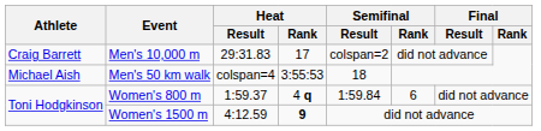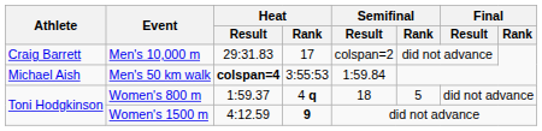 <table class="wikitable" style="font-size:90%">
 <tr>
 <th rowspan="2">Athlete</th>
 <th rowspan="2">Event</th>
 <th colspan="2">Heat</th>
 <th colspan="2">Semifinal</th>
 <th colspan="2">Final</th>
 </tr>
 <tr style="font-size:95%">
 <th>Result</th>
 <th>Rank</th>
 <th>Result</th>
 <th>Rank</th>
 <th>Result</th>
 <th>Rank</th>
 </tr>
 <tr style="text-align:center;">
 <td style="text-align:left;"><a href='#'>Craig Barrett</a></td>
 <td style="text-align:left;"><a href='#'>Men's 10,000 m</a></td>
 <td>29:31.83</td>
 <td>17</td>
 <td>colspan=2 </td>
 <td colspan=2>did not advance</td>
 </tr>
 <tr style="text-align:center;">
 <td style="text-align:left;"><a href='#'>Michael Aish</a></td>
 <td style="text-align:left;"><a href='#'>Men's 50 km walk</a></td>
-<td>colspan=4 </td>
+<td><strong>colspan=4 </strong></td>
 <td>3:55:53</td>
-<td>18</td>
+<td>1:59.84</td>
 </tr>
 <tr style="text-align:center;">
 <td style="text-align:left;" rowspan=2><a href='#'>Toni Hodgkinson</a></td>
 <td style="text-align:left;"><a href='#'>Women's 800 m</a></td>
 <td>1:59.37</td>
 <td>4 <strong>q</strong></td>
-<td>1:59.84</td>
-<td>6</td>
+<td>18</td>
+<td>5</td>
 <td colspan=2>did not advance</td>
 </tr>
 <tr style="text-align:center;">
 <td style="text-align:left;"><a href='#'>Women's 1500 m</a></td>
 <td>4:12.59</td>
 <td><strong>9</strong></td>
 <td colspan=4>did not advance</td>
 </tr>
 </table>
